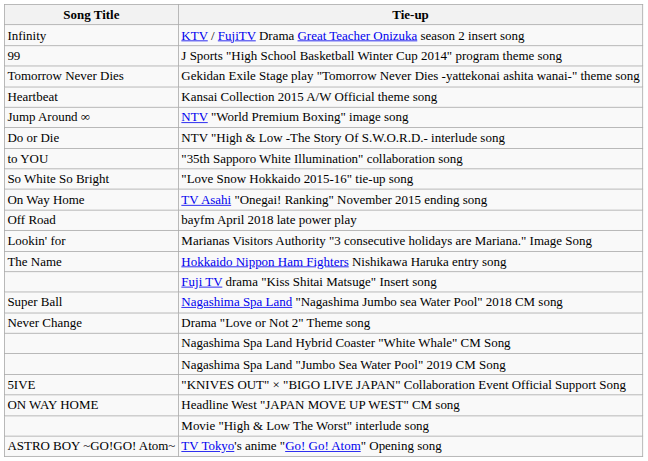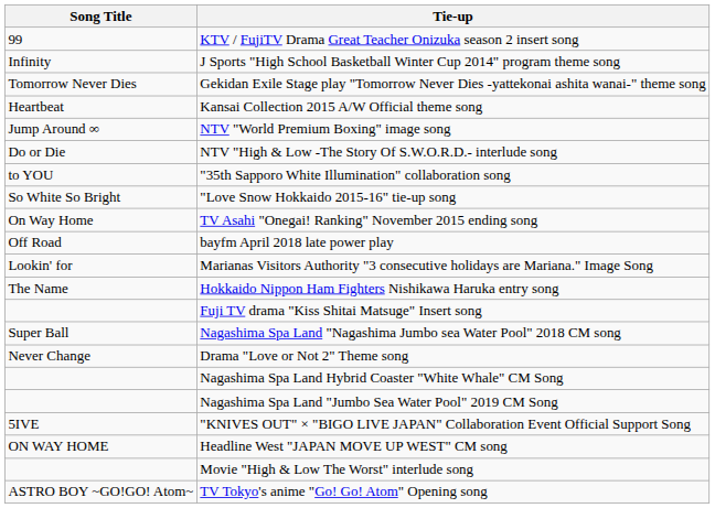 <table class="wikitable">
 <tr>
 <th>Song Title</th>
 <th>Tie-up</th>
 </tr>
 <tr>
-<td>Infinity</td>
+<td>99</td>
 <td><a href='#'>KTV</a> / <a href='#'>FujiTV</a> Drama <a href='#'>Great Teacher Onizuka</a> season 2 insert song</td>
 </tr>
 <tr>
-<td>99</td>
+<td>Infinity</td>
 <td>J Sports "High School Basketball Winter Cup 2014" program theme song</td>
 </tr>
 <tr>
 <td>Tomorrow Never Dies</td>
 <td>Gekidan Exile Stage play "Tomorrow Never Dies -yattekonai ashita wanai-" theme song</td>
 </tr>
 <tr>
 <td>Heartbeat</td>
 <td>Kansai Collection 2015 A/W Official theme song</td>
 </tr>
 <tr>
 <td rowspan="2">Jump Around ∞</td>
 <td><a href='#'>NTV</a> "World Premium Boxing" image song</td>
 </tr>
 <tr>
 <td rowspan="2">NTV "High & Low -The Story Of S.W.O.R.D.- interlude song</td>
 </tr>
 <tr>
 <td>Do or Die</td>
 </tr>
 <tr>
 <td>to YOU</td>
 <td>"35th Sapporo White Illumination" collaboration song</td>
 </tr>
 <tr>
 <td>So White So Bright</td>
 <td>"Love Snow Hokkaido 2015-16" tie-up song</td>
 </tr>
 <tr>
 <td>On Way Home</td>
 <td><a href='#'>TV Asahi</a> "Onegai! Ranking" November 2015 ending song</td>
 </tr>
 <tr>
 <td>Off Road</td>
 <td>bayfm April 2018 late power play</td>
 </tr>
 <tr>
 <td>Lookin' for</td>
 <td>Marianas Visitors Authority "3 consecutive holidays are Mariana." Image Song</td>
 </tr>
 <tr>
 <td>The Name</td>
 <td><a href='#'>Hokkaido Nippon Ham Fighters</a> Nishikawa Haruka entry song</td>
 </tr>
 <tr>
 <td></td>
 <td><a href='#'>Fuji TV</a> drama "Kiss Shitai Matsuge" Insert song</td>
 </tr>
 <tr>
 <td>Super Ball</td>
 <td><a href='#'>Nagashima Spa Land</a> "Nagashima Jumbo sea Water Pool" 2018 CM song</td>
 </tr>
 <tr>
 <td>Never Change</td>
 <td>Drama "Love or Not 2" Theme song</td>
 </tr>
 <tr>
 <td></td>
 <td>Nagashima Spa Land Hybrid Coaster "White Whale" CM Song</td>
 </tr>
 <tr>
 <td></td>
 <td>Nagashima Spa Land  "Jumbo Sea Water Pool" 2019 CM Song</td>
 </tr>
 <tr>
 <td>5IVE</td>
 <td>"KNIVES OUT" × "BIGO LIVE JAPAN" Collaboration Event Official Support Song</td>
 </tr>
 <tr>
 <td>ON WAY HOME</td>
 <td>Headline West "JAPAN MOVE UP WEST" CM song</td>
 </tr>
 <tr>
 <td></td>
 <td>Movie "High & Low The Worst" interlude song</td>
 </tr>
 <tr>
 <td>ASTRO BOY ~GO!GO! Atom~</td>
 <td><a href='#'>TV Tokyo</a>'s anime "<a href='#'>Go! Go! Atom</a>" Opening song</td>
 </tr>
 </table>
